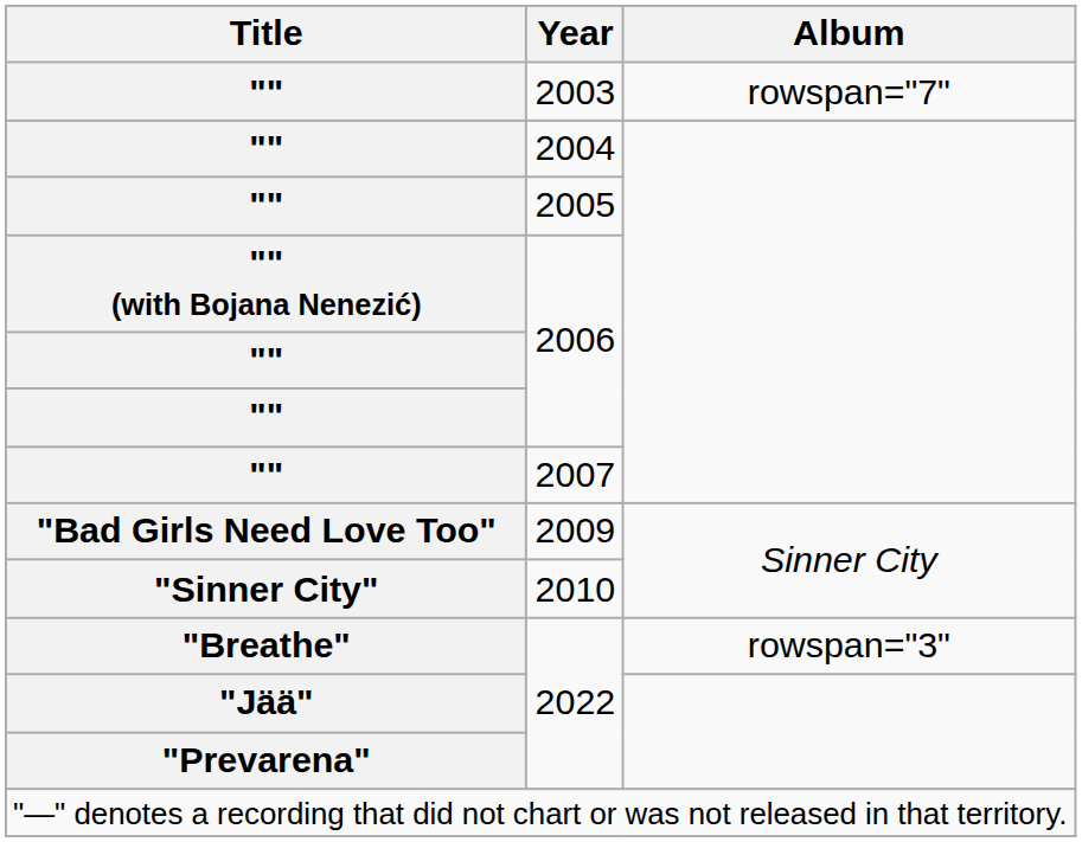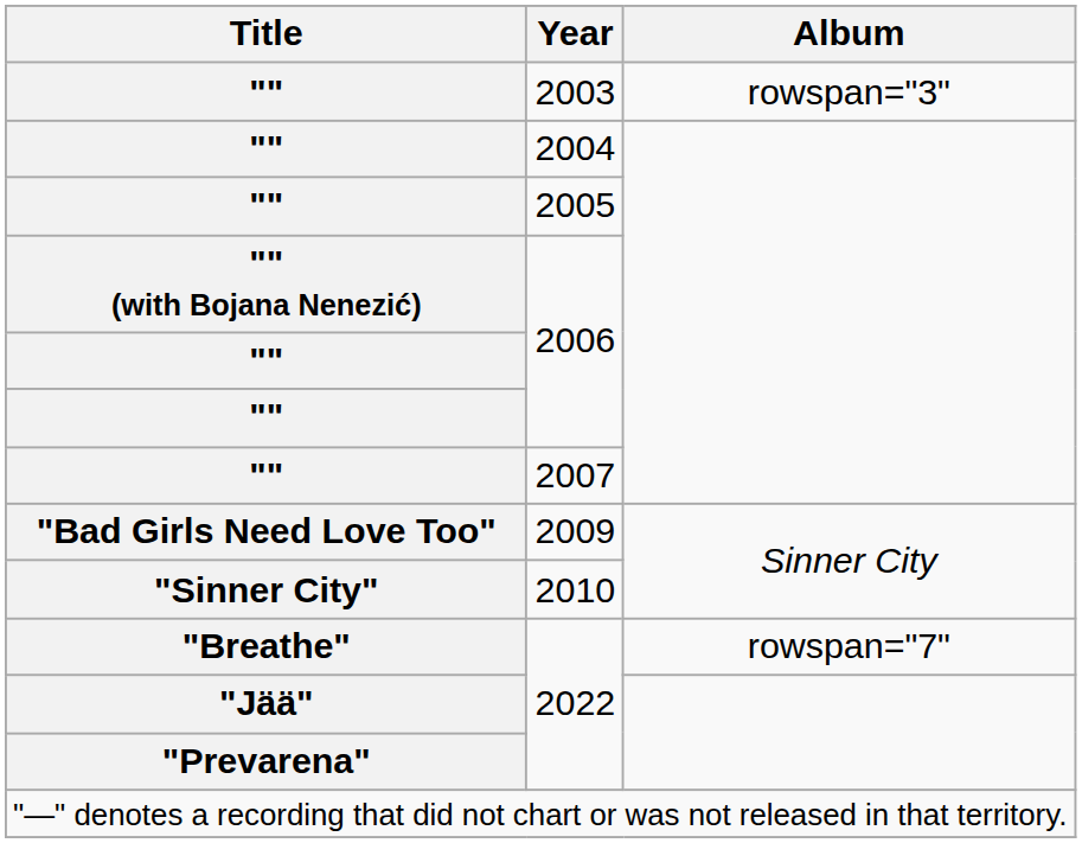 <table class="wikitable plainrowheaders" style="text-align:center;">
 <tr>
 <th scope="col" style="width:14em;">Title</th>
 <th scope="col" style="width:1em;">Year</th>
 <th scope="col">Album</th>
 </tr>
 <tr>
 <th scope="row">""</th>
 <td>2003</td>
-<td>rowspan="7" </td>
+<td>rowspan="3"  </td>
 </tr>
 <tr>
 <th scope="row">""</th>
 <td>2004</td>
 </tr>
 <tr>
 <th scope="row">""</th>
 <td>2005</td>
 </tr>
 <tr>
 <th scope="row">""<br><small>(with Bojana Nenezić)</small></th>
 <td rowspan="3">2006</td>
 </tr>
 <tr>
 <th scope="row">""</th>
 </tr>
 <tr>
 <th scope="row">""</th>
 </tr>
 <tr>
 <th scope="row">""</th>
 <td>2007</td>
 </tr>
 <tr>
 <th scope="row">"Bad Girls Need Love Too"</th>
 <td>2009</td>
 <td rowspan="2"><em>Sinner City</em></td>
 </tr>
 <tr>
 <th scope="row">"Sinner City"</th>
 <td>2010</td>
 </tr>
 <tr>
 <th scope="row">"Breathe"</th>
 <td rowspan="3">2022</td>
-<td>rowspan="3"  </td>
+<td>rowspan="7" </td>
 </tr>
 <tr>
 <th scope="row">"Jää"</th>
 </tr>
 <tr>
 <th scope="row">"Prevarena"</th>
 </tr>
 <tr>
 <td colspan="3" style="font-size:85%">"—" denotes a recording that did not chart or was not released in that territory.</td>
 </tr>
 </table>
